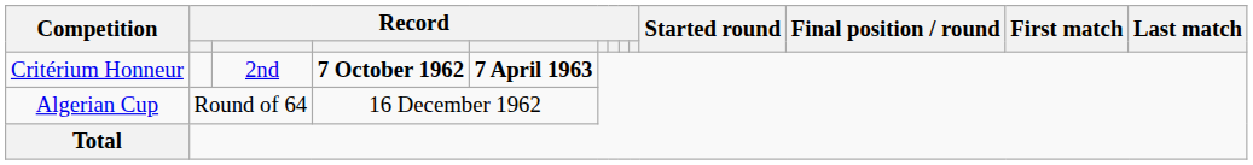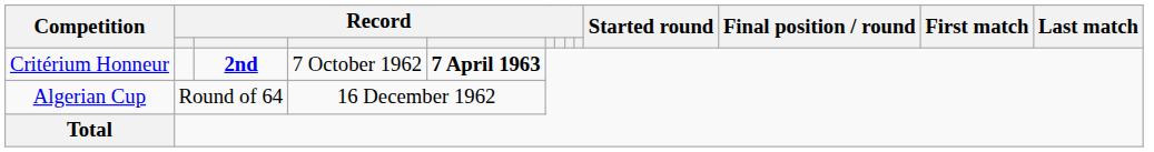 <table class="wikitable" style="text-align: center">
 <tr>
 <th rowspan=2>Competition</th>
 <th colspan=8>Record</th>
 <th rowspan=2>Started round</th>
 <th rowspan=2>Final position / round</th>
 <th rowspan=2>First match</th>
 <th rowspan=2>Last match</th>
 </tr>
 <tr>
 <th></th>
 <th></th>
 <th></th>
 <th></th>
 <th></th>
 <th></th>
 <th></th>
 <th></th>
 </tr>
 <tr>
 <td><a href='#'>Critérium Honneur</a><br></td>
 <td></td>
-<td><a href='#'>2nd</a></td>
-<td><strong>7 October 1962</strong></td>
+<td><strong><a href='#'>2nd</a></strong></td>
+<td>7 October 1962</td>
 <td><strong>7 April 1963</strong></td>
 </tr>
 <tr>
 <td><a href='#'>Algerian Cup</a><br></td>
 <td colspan=2>Round of 64</td>
 <td colspan=2>16 December 1962</td>
 </tr>
 <tr>
 <th>Total<br></th>
 </tr>
 </table>
